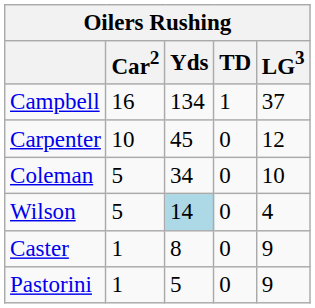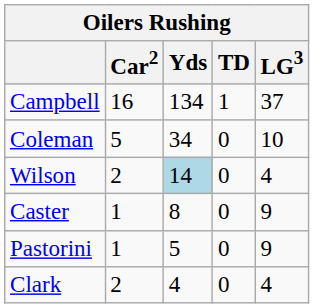 <table class="wikitable">
 <tr>
 <th colspan="5">Oilers Rushing</th>
 </tr>
 <tr>
 <th></th>
 <th>Car<sup>2</sup></th>
 <th>Yds</th>
 <th>TD</th>
 <th>LG<sup>3</sup></th>
 </tr>
 <tr>
 <td><a href='#'>Campbell</a></td>
 <td>16</td>
 <td>134</td>
 <td>1</td>
 <td>37</td>
 </tr>
 <tr>
-<td><a href='#'>Carpenter</a></td>
-<td>10</td>
-<td>45</td>
-<td>0</td>
-<td>12</td>
-</tr>
-<tr>
 <td><a href='#'>Coleman</a></td>
 <td>5</td>
 <td>34</td>
 <td>0</td>
 <td>10</td>
 </tr>
 <tr>
 <td><a href='#'>Wilson</a></td>
-<td>5</td>
+<td>2</td>
 <td style="background: lightblue;">14</td>
 <td>0</td>
 <td>4</td>
 </tr>
 <tr>
 <td><a href='#'>Caster</a></td>
 <td>1</td>
 <td>8</td>
 <td>0</td>
 <td>9</td>
 </tr>
 <tr>
 <td><a href='#'>Pastorini</a></td>
 <td>1</td>
 <td>5</td>
 <td>0</td>
 <td>9</td>
 </tr>
+<tr>
+<td><a href='#'>Clark</a></td>
+<td>2</td>
+<td>4</td>
+<td>0</td>
+<td>4</td>
+</tr>
 </table>
